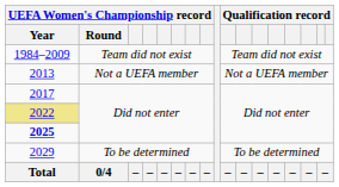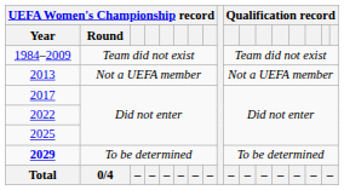 <table class="wikitable" style="text-align: center;">
 <tr>
 <th colspan=8><a href='#'>UEFA Women's Championship</a> record</th>
 <th rowspan=100></th>
 <th colspan=8>Qualification record</th>
 </tr>
 <tr>
 <th>Year<br></th>
 <th>Round</th>
 <th></th>
 <th></th>
 <th></th>
 <th></th>
 <th></th>
 <th><br></th>
 <th></th>
 <th></th>
 <th></th>
 <th></th>
 <th></th>
 <th></th>
 <th></th>
 <th></th>
 </tr>
 <tr>
 <td><a href='#'>1984</a>–<a href='#'>2009</a></td>
 <td colspan=7><em>Team did not exist</em></td>
 <td colspan=8><em>Team did not exist</em></td>
 </tr>
 <tr>
 <td> <a href='#'>2013</a></td>
 <td colspan=7><em>Not a UEFA member</em></td>
 <td colspan=8><em>Not a UEFA member</em></td>
 </tr>
 <tr>
 <td> <a href='#'>2017</a></td>
 <td colspan=7 rowspan=3><em>Did not enter</em></td>
 <td colspan=8 rowspan=3><em>Did not enter</em></td>
 </tr>
 <tr>
-<td style="background: khaki;"> <a href='#'>2022</a></td>
+<td> <a href='#'>2022</a></td>
 </tr>
 <tr>
-<td><strong> <a href='#'>2025</a></strong></td>
+<td> <a href='#'>2025</a></td>
 </tr>
 <tr>
-<td><a href='#'>2029</a></td>
+<td><strong><a href='#'>2029</a></strong></td>
 <td colspan=7><em>To be determined</em></td>
 <td colspan=8><em>To be determined</em></td>
 </tr>
 <tr>
 <th><strong>Total</strong></th>
 <th>0/4</th>
 <th>–</th>
 <th>–</th>
 <th>–</th>
 <th>–</th>
 <th>–</th>
 <th>–<br></th>
 <th>–</th>
 <th>–</th>
 <th>–</th>
 <th>–</th>
 <th>–</th>
 <th>–</th>
 <th colspan=2>–</th>
 </tr>
 </table>
